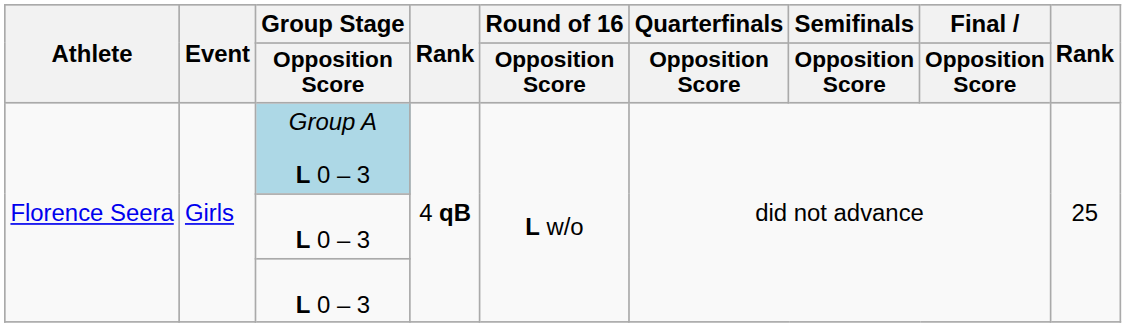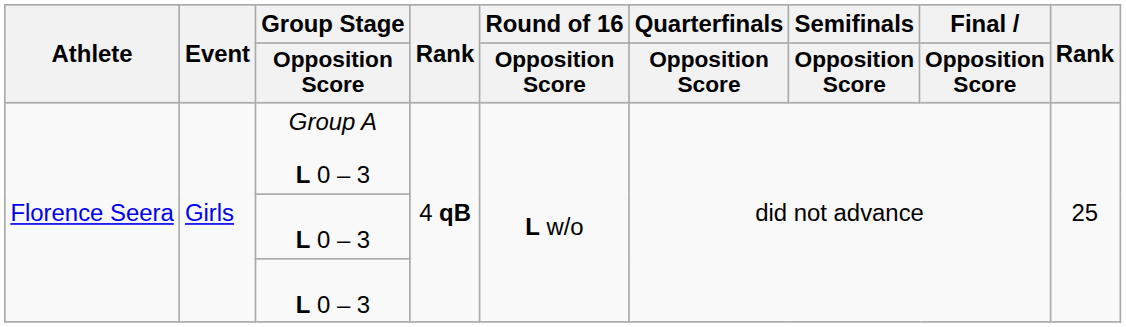 <table class=wikitable style="font-size:90%">
 <tr>
 <th rowspan="2">Athlete</th>
 <th rowspan="2">Event</th>
 <th>Group Stage</th>
 <th rowspan="2">Rank</th>
 <th>Round of 16</th>
 <th>Quarterfinals</th>
 <th>Semifinals</th>
 <th>Final / </th>
 <th rowspan=2>Rank</th>
 </tr>
 <tr style="font-size:95%">
 <th>Opposition<br>Score</th>
 <th>Opposition<br>Score</th>
 <th>Opposition<br>Score</th>
 <th>Opposition<br>Score</th>
 <th>Opposition<br>Score</th>
 </tr>
 <tr align=center>
 <td align=left rowspan=3><a href='#'>Florence Seera</a></td>
 <td align=left rowspan=3><a href='#'>Girls</a></td>
-<td style="background: lightblue;"><em>Group A</em><br><br><strong>L</strong> 0 – 3</td>
+<td><em>Group A</em><br><br><strong>L</strong> 0 – 3</td>
 <td rowspan=3>4 <strong>qB</strong></td>
 <td rowspan=3><br><strong>L</strong> w/o</td>
 <td rowspan=3 colspan=3>did not advance</td>
 <td rowspan=3>25</td>
 </tr>
 <tr align=center>
 <td><br><strong>L</strong> 0 – 3</td>
 </tr>
 <tr align=center>
 <td><br><strong>L</strong> 0 – 3</td>
 </tr>
 </table>
